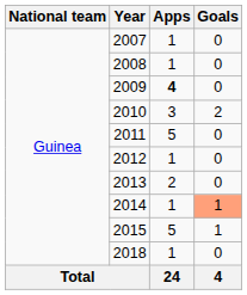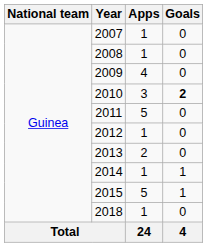 <table class="wikitable" style="text-align:center">
 <tr>
 <th>National team</th>
 <th>Year</th>
 <th>Apps</th>
 <th>Goals</th>
 </tr>
 <tr>
 <td rowspan="10"><a href='#'>Guinea</a></td>
 <td>2007</td>
 <td>1</td>
 <td>0</td>
 </tr>
 <tr>
 <td>2008</td>
 <td>1</td>
 <td>0</td>
 </tr>
 <tr>
 <td>2009</td>
-<td><strong>4</strong></td>
+<td>4</td>
 <td>0</td>
 </tr>
 <tr>
 <td>2010</td>
 <td>3</td>
-<td>2</td>
+<td><strong>2</strong></td>
 </tr>
 <tr>
 <td>2011</td>
 <td>5</td>
 <td>0</td>
 </tr>
 <tr>
 <td>2012</td>
 <td>1</td>
 <td>0</td>
 </tr>
 <tr>
 <td>2013</td>
 <td>2</td>
 <td>0</td>
 </tr>
 <tr>
 <td>2014</td>
 <td>1</td>
-<td style="background: lightsalmon;">1</td>
+<td>1</td>
 </tr>
 <tr>
 <td>2015</td>
 <td>5</td>
 <td>1</td>
 </tr>
 <tr>
 <td>2018</td>
 <td>1</td>
 <td>0</td>
 </tr>
 <tr>
 <th colspan="2">Total</th>
 <th>24</th>
 <th>4</th>
 </tr>
 </table>
